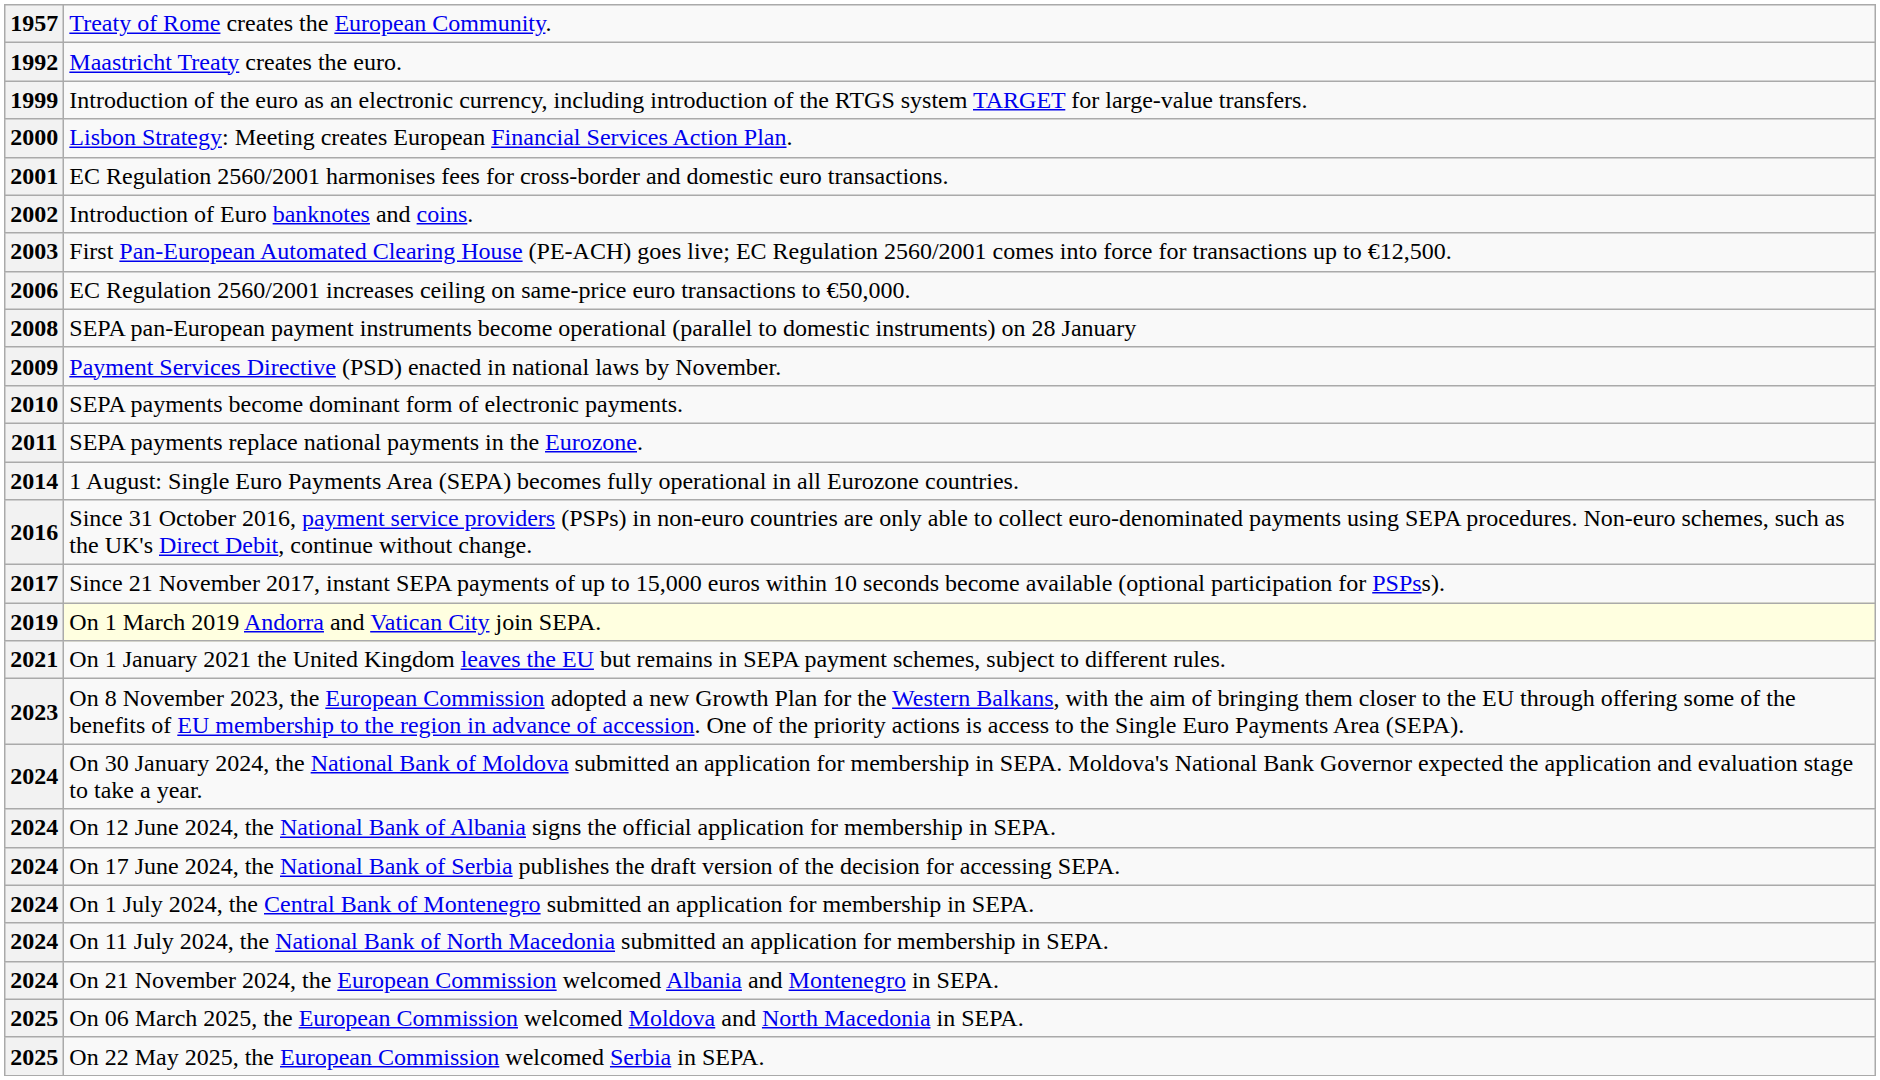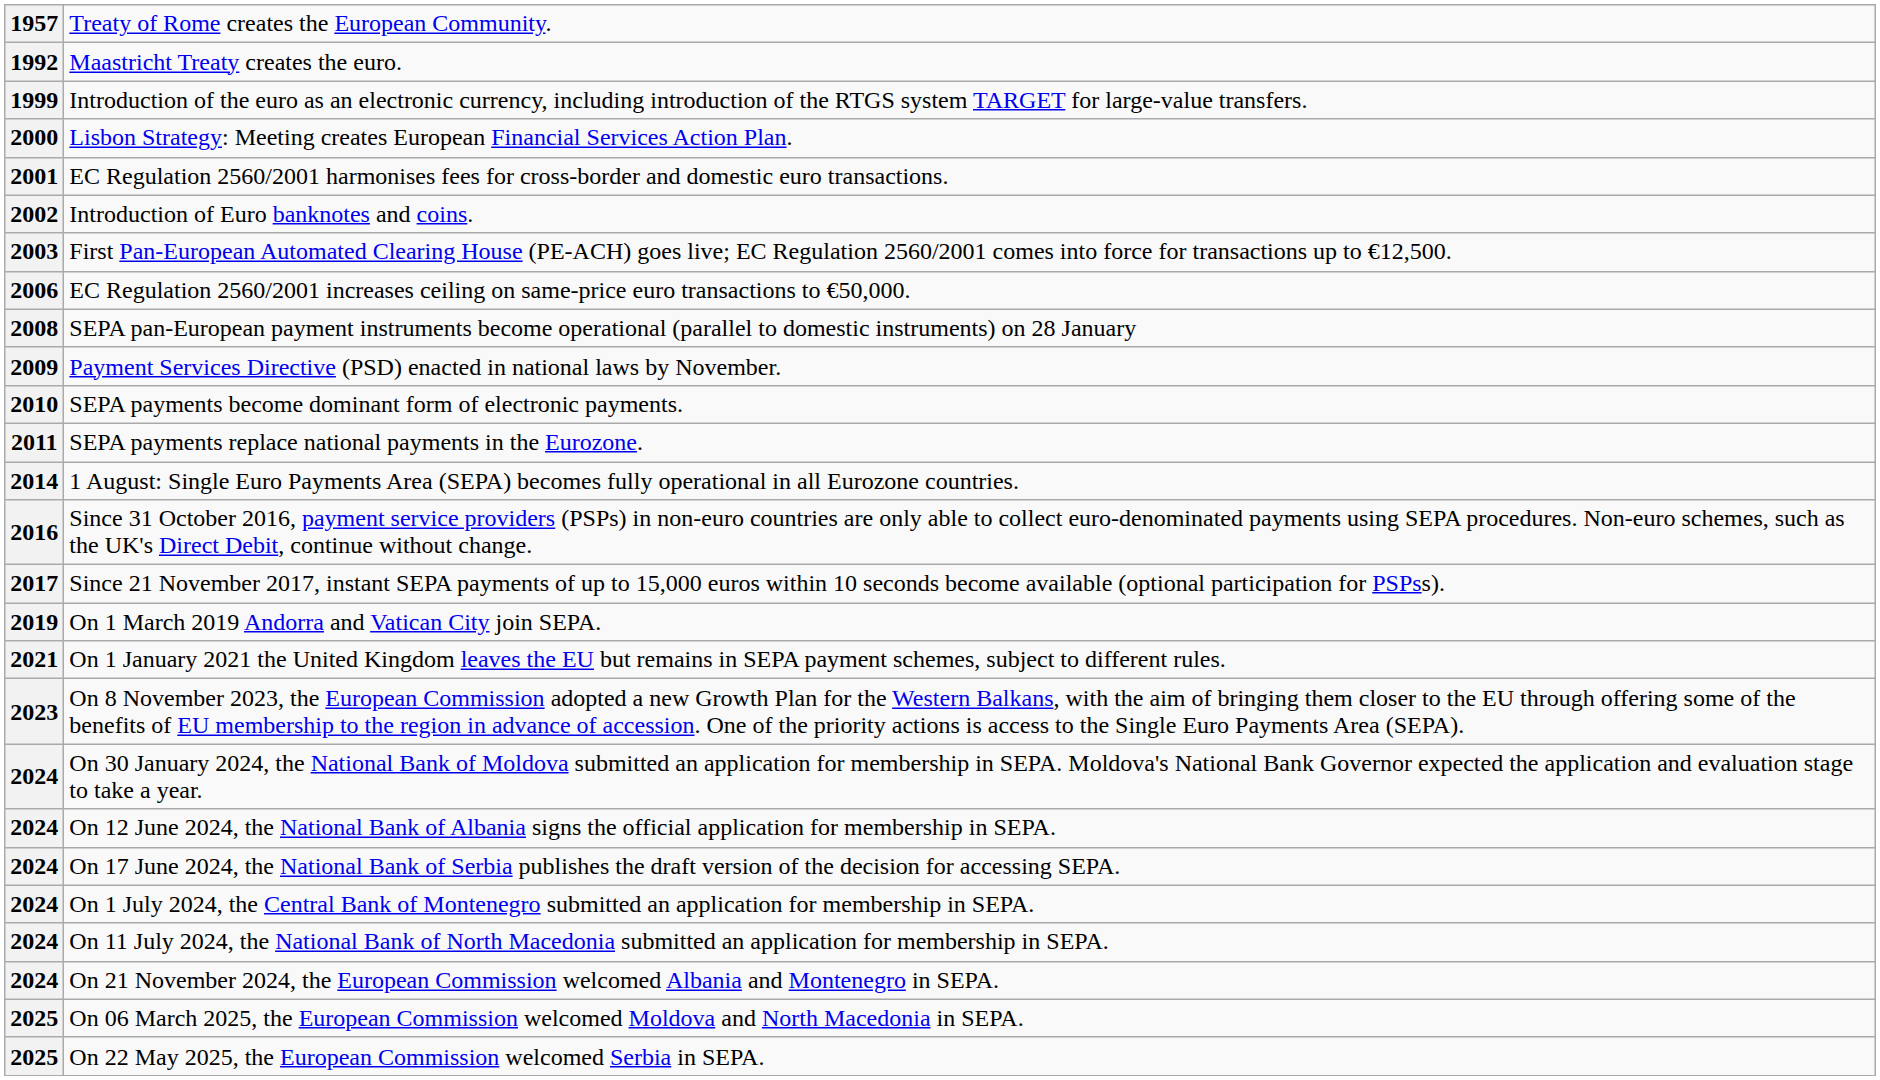 <table class="wikitable">
 <tr>
 <th>1957</th>
 <td><a href='#'>Treaty of Rome</a> creates the <a href='#'>European Community</a>.</td>
 </tr>
 <tr>
 <th>1992</th>
 <td><a href='#'>Maastricht Treaty</a> creates the euro.</td>
 </tr>
 <tr>
 <th>1999</th>
 <td>Introduction of the euro as an electronic currency, including introduction of the RTGS system <a href='#'>TARGET</a> for large-value transfers.</td>
 </tr>
 <tr>
 <th>2000</th>
 <td><a href='#'>Lisbon Strategy</a>: Meeting creates European <a href='#'>Financial Services Action Plan</a>.</td>
 </tr>
 <tr>
 <th>2001</th>
 <td>EC Regulation 2560/2001 harmonises fees for cross-border and domestic euro transactions.</td>
 </tr>
 <tr>
 <th>2002</th>
 <td>Introduction of Euro <a href='#'>banknotes</a> and <a href='#'>coins</a>.</td>
 </tr>
 <tr>
 <th>2003</th>
 <td>First <a href='#'>Pan-European Automated Clearing House</a> (PE-ACH) goes live; EC Regulation 2560/2001 comes into force for transactions up to €12,500.</td>
 </tr>
 <tr>
 <th>2006</th>
 <td>EC Regulation 2560/2001 increases ceiling on same-price euro transactions to €50,000.</td>
 </tr>
 <tr>
 <th>2008</th>
 <td>SEPA pan-European payment instruments become operational (parallel to domestic instruments) on 28 January</td>
 </tr>
 <tr>
 <th>2009</th>
 <td><a href='#'>Payment Services Directive</a> (PSD) enacted in national laws by November.</td>
 </tr>
 <tr>
 <th>2010</th>
 <td>SEPA payments become dominant form of electronic payments.</td>
 </tr>
 <tr>
 <th>2011</th>
 <td>SEPA payments replace national payments in the <a href='#'>Eurozone</a>.</td>
 </tr>
 <tr>
 <th>2014</th>
 <td>1 August: Single Euro Payments Area (SEPA) becomes fully operational in all Eurozone countries.</td>
 </tr>
 <tr>
 <th>2016</th>
 <td>Since 31 October 2016, <a href='#'>payment service providers</a> (PSPs) in non-euro countries are only able to collect euro-denominated payments using SEPA procedures. Non-euro schemes, such as the UK's <a href='#'>Direct Debit</a>, continue without change.</td>
 </tr>
 <tr>
 <th>2017</th>
 <td>Since 21 November 2017, instant SEPA payments of up to 15,000 euros within 10 seconds become available (optional participation for <a href='#'>PSPs</a>s).</td>
 </tr>
 <tr>
 <th>2019</th>
-<td style="background: lightyellow;">On 1 March 2019 <a href='#'>Andorra</a> and <a href='#'>Vatican City</a> join SEPA.</td>
+<td>On 1 March 2019 <a href='#'>Andorra</a> and <a href='#'>Vatican City</a> join SEPA.</td>
 </tr>
 <tr>
 <th>2021</th>
 <td>On 1 January 2021 the United Kingdom <a href='#'>leaves the EU</a> but remains in SEPA payment schemes, subject to different rules.</td>
 </tr>
 <tr>
 <th>2023</th>
 <td>On 8 November 2023, the <a href='#'>European Commission</a> adopted a new Growth Plan for the <a href='#'>Western Balkans</a>, with the aim of bringing them closer to the EU through offering some of the benefits of <a href='#'>EU membership to the region in advance of accession</a>.  One of the priority actions is access to the Single Euro Payments Area (SEPA).</td>
 </tr>
 <tr>
 <th>2024</th>
 <td>On 30 January 2024, the <a href='#'>National Bank of Moldova</a> submitted an application for membership in SEPA. Moldova's National Bank Governor expected the application and evaluation stage to take a year.</td>
 </tr>
 <tr>
 <th>2024</th>
 <td>On 12 June 2024, the <a href='#'>National Bank of Albania</a> signs the official application for membership in SEPA.</td>
 </tr>
 <tr>
 <th>2024</th>
 <td>On 17 June 2024, the <a href='#'>National Bank of Serbia</a> publishes the draft version of the decision for accessing SEPA.</td>
 </tr>
 <tr>
 <th>2024</th>
 <td>On 1 July 2024, the <a href='#'>Central Bank of Montenegro</a> submitted an application for membership in SEPA.</td>
 </tr>
 <tr>
 <th>2024</th>
 <td>On 11 July 2024, the <a href='#'>National Bank of North Macedonia</a> submitted an application for membership in SEPA.</td>
 </tr>
 <tr>
 <th>2024</th>
 <td>On 21 November 2024, the <a href='#'>European Commission</a> welcomed <a href='#'>Albania</a> and <a href='#'>Montenegro</a> in SEPA.</td>
 </tr>
 <tr>
 <th>2025</th>
 <td>On 06 March 2025, the <a href='#'>European Commission</a> welcomed <a href='#'>Moldova</a> and <a href='#'>North Macedonia</a> in SEPA.</td>
 </tr>
 <tr>
 <th>2025</th>
 <td>On 22 May 2025, the <a href='#'>European Commission</a> welcomed <a href='#'>Serbia</a> in SEPA.</td>
 </tr>
 </table>
